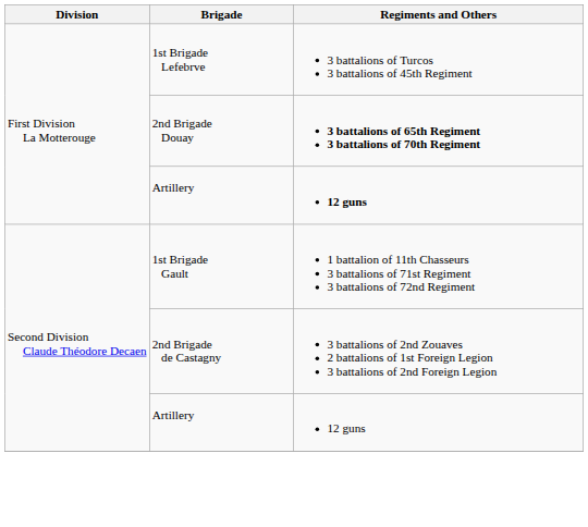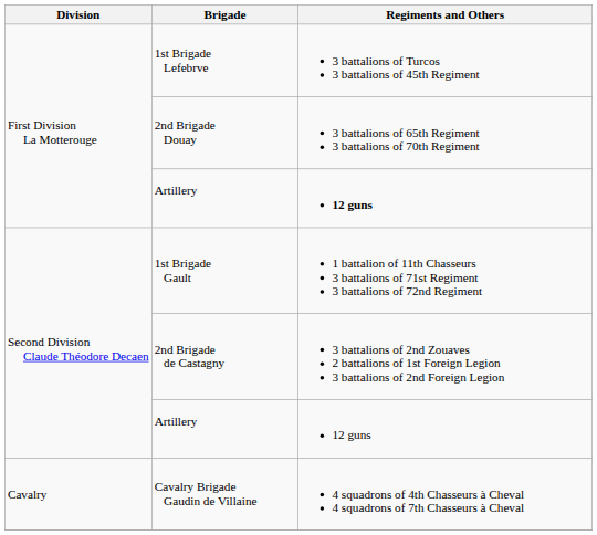 <table class="wikitable">
 <tr>
 <th width=25%>Division</th>
 <th width=25%>Brigade</th>
 <th>Regiments and Others</th>
 </tr>
 <tr>
 <td rowspan=3><br>First Division <br>     La Motterouge</td>
 <td>1st Brigade<br>   Lefebrve</td>
 <td><br><ul><li>3 battalions of Turcos</li><li>3 battalions of 45th Regiment</li></ul></td>
 </tr>
 <tr>
 <td>2nd Brigade<br>   Douay</td>
-<td><strong><br><ul><li>3 battalions of 65th Regiment</li><li>3 battalions of 70th Regiment</li></ul></strong></td>
+<td><br><ul><li>3 battalions of 65th Regiment</li><li>3 battalions of 70th Regiment</li></ul></td>
 </tr>
 <tr>
 <td>Artillery<br>  </td>
 <td><strong><br><ul><li>12 guns</li></ul></strong></td>
 </tr>
 <tr>
 <td rowspan=3><br>Second Division <br>     <a href='#'>Claude Théodore Decaen</a></td>
 <td>1st Brigade<br>   Gault</td>
 <td><br><ul><li>1 battalion of 11th Chasseurs</li><li>3 battalions of 71st Regiment</li><li>3 battalions of 72nd Regiment</li></ul></td>
 </tr>
 <tr>
 <td>2nd Brigade<br>   de Castagny</td>
 <td><br><ul><li>3 battalions of 2nd Zouaves</li><li>2 battalions of 1st Foreign Legion</li><li>3 battalions of 2nd Foreign Legion</li></ul></td>
 </tr>
 <tr>
 <td>Artillery<br>  </td>
 <td><br><ul><li>12 guns</li></ul></td>
 </tr>
 <tr>
+<td rowspan=1><br>Cavalry <br>    </td>
+<td>Cavalry Brigade<br>   Gaudin de Villaine</td>
+<td><br><ul><li>4 squadrons of 4th Chasseurs à Cheval</li><li>4 squadrons of 7th Chasseurs à Cheval</li></ul></td>
+</tr>
+<tr>
 </tr>
 </table>
